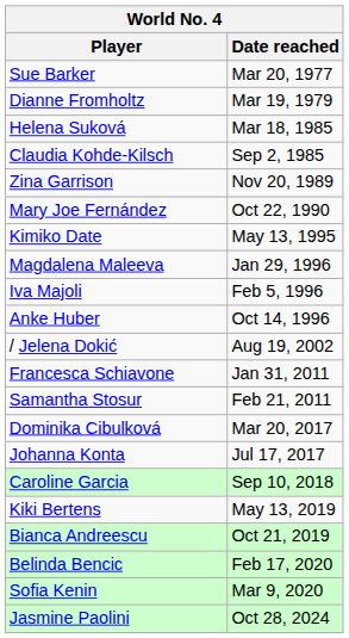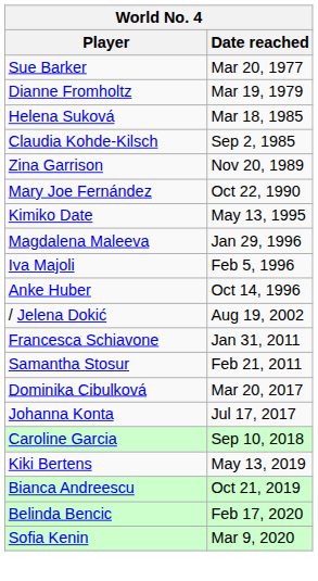 <table class="wikitable" style="display:inline-table">
 <tr>
 <th colspan=2>World No. 4</th>
 </tr>
 <tr>
 <th width="200">Player</th>
 <th>Date reached</th>
 </tr>
 <tr>
 <td> <a href='#'>Sue Barker</a></td>
 <td>Mar 20, 1977</td>
 </tr>
 <tr>
 <td> <a href='#'>Dianne Fromholtz</a></td>
 <td>Mar 19, 1979</td>
 </tr>
 <tr>
 <td> <a href='#'>Helena Suková</a></td>
 <td>Mar 18, 1985</td>
 </tr>
 <tr>
 <td> <a href='#'>Claudia Kohde-Kilsch</a></td>
 <td>Sep 2, 1985</td>
 </tr>
 <tr>
 <td> <a href='#'>Zina Garrison</a></td>
 <td>Nov 20, 1989</td>
 </tr>
 <tr>
 <td> <a href='#'>Mary Joe Fernández</a></td>
 <td>Oct 22, 1990</td>
 </tr>
 <tr>
 <td> <a href='#'>Kimiko Date</a></td>
 <td>May 13, 1995</td>
 </tr>
 <tr>
 <td> <a href='#'>Magdalena Maleeva</a></td>
 <td>Jan 29, 1996</td>
 </tr>
 <tr>
 <td> <a href='#'>Iva Majoli</a></td>
 <td>Feb 5, 1996</td>
 </tr>
 <tr>
 <td> <a href='#'>Anke Huber</a></td>
 <td>Oct 14, 1996</td>
 </tr>
 <tr>
 <td>/ <a href='#'>Jelena Dokić</a></td>
 <td>Aug 19, 2002</td>
 </tr>
 <tr>
 <td> <a href='#'>Francesca Schiavone</a></td>
 <td>Jan 31, 2011</td>
 </tr>
 <tr>
 <td> <a href='#'>Samantha Stosur</a></td>
 <td>Feb 21, 2011</td>
 </tr>
 <tr>
 <td> <a href='#'>Dominika Cibulková</a></td>
 <td>Mar 20, 2017</td>
 </tr>
 <tr>
 <td> <a href='#'>Johanna Konta</a></td>
 <td>Jul 17, 2017</td>
 </tr>
 <tr bgcolor=ccffcc>
 <td> <a href='#'>Caroline Garcia</a></td>
 <td>Sep 10, 2018</td>
 </tr>
 <tr>
 <td> <a href='#'>Kiki Bertens</a></td>
 <td>May 13, 2019</td>
 </tr>
 <tr bgcolor=ccffcc>
 <td> <a href='#'>Bianca Andreescu</a></td>
 <td>Oct 21, 2019</td>
 </tr>
 <tr bgcolor=ccffcc>
 <td> <a href='#'>Belinda Bencic</a></td>
 <td>Feb 17, 2020</td>
 </tr>
 <tr bgcolor=ccffcc>
 <td> <a href='#'>Sofia Kenin</a></td>
 <td>Mar 9, 2020</td>
 </tr>
-<tr bgcolor=ccffcc>
-<td> <a href='#'>Jasmine Paolini</a></td>
-<td>Oct 28, 2024</td>
-</tr>
 </table>
